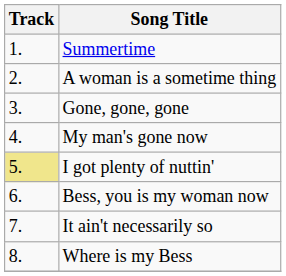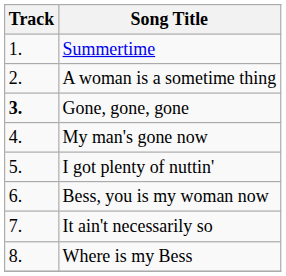 <table class="wikitable" style="font-size:95%;">
 <tr>
 <th>Track</th>
 <th>Song Title</th>
 </tr>
 <tr>
 <td>1.</td>
 <td><a href='#'>Summertime</a></td>
 </tr>
 <tr>
 <td>2.</td>
 <td>A woman is a sometime thing</td>
 </tr>
 <tr>
-<td>3.</td>
+<td><strong>3.</strong></td>
 <td>Gone, gone, gone</td>
 </tr>
 <tr>
 <td>4.</td>
 <td>My man's gone now</td>
 </tr>
 <tr>
-<td style="background: khaki;">5.</td>
+<td>5.</td>
 <td>I got plenty of nuttin'</td>
 </tr>
 <tr>
 <td>6.</td>
 <td>Bess, you is my woman now</td>
 </tr>
 <tr>
 <td>7.</td>
 <td>It ain't necessarily so</td>
 </tr>
 <tr>
 <td>8.</td>
 <td>Where is my Bess</td>
 </tr>
 <tr>
 </tr>
 </table>
